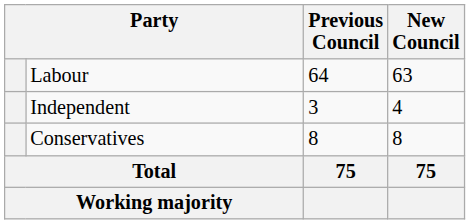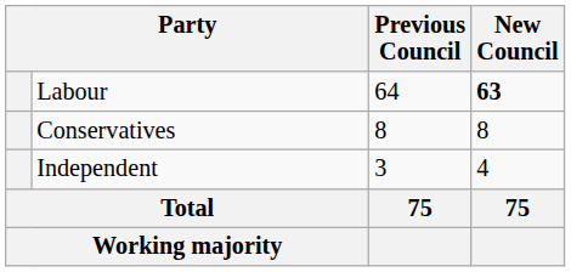 <table class="wikitable">
 <tr>
 <th colspan="2" valign="top" style="width: 230px">Party</th>
 <th valign="top" style="width: 30px">Previous Council</th>
 <th valign="top" style="width: 30px">New Council</th>
 </tr>
 <tr>
 <th style="background-color: "></th>
 <td>Labour</td>
 <td>64</td>
-<td>63</td>
+<td><strong>63</strong></td>
+</tr>
+<tr>
+<th style="background-color: "></th>
+<td>Conservatives</td>
+<td>8</td>
+<td>8</td>
 </tr>
 <tr>
 <th style="background-color: "></th>
 <td>Independent</td>
 <td>3</td>
 <td>4</td>
-</tr>
-<tr>
-<th style="background-color: "></th>
-<td>Conservatives</td>
-<td>8</td>
-<td>8</td>
 </tr>
 <tr>
 <th colspan="2">Total</th>
 <th style="text-align: center">75</th>
 <th>75</th>
 </tr>
 <tr>
 <th colspan="2">Working majority</th>
 <th></th>
 <th></th>
 </tr>
 </table>
